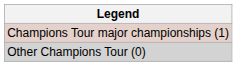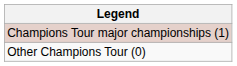 <table class="wikitable" style="font-size:95%;">
 <tr>
 <th>Legend</th>
 </tr>
 <tr style="background:#e5d1cb;">
 <td>Champions Tour major championships (1)</td>
 </tr>
 <tr>
-<td style="background: lightgrey;">Other Champions Tour (0)</td>
+<td>Other Champions Tour (0)</td>
 </tr>
 </table>
